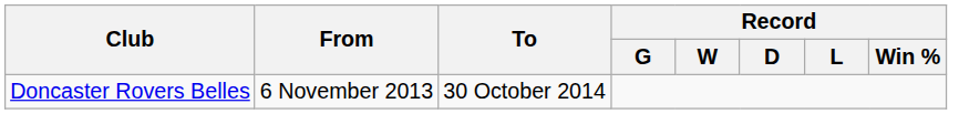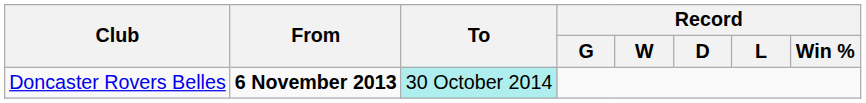 <table class="wikitable" style="text-align: center">
 <tr>
 <th rowspan=2>Club</th>
 <th rowspan=2>From</th>
 <th rowspan=2>To</th>
 <th colspan=7>Record</th>
 </tr>
 <tr>
 <th width=40>G</th>
 <th width=40>W</th>
 <th width=40>D</th>
 <th width=40>L</th>
 <th width=50>Win %</th>
 </tr>
 <tr>
 <td><a href='#'>Doncaster Rovers Belles</a></td>
-<td align=left>6 November 2013</td>
-<td align=left>30 October 2014<br></td>
+<td align=left><strong>6 November 2013</strong></td>
+<td align=left style="background: paleturquoise;">30 October 2014<br></td>
 </tr>
 </table>
